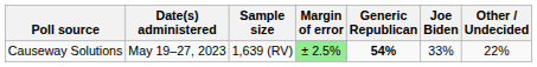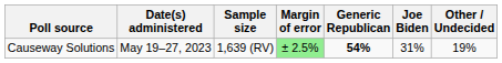 <table class="wikitable sortable mw-datatable" style="font-size:90%;text-align:center;line-height:17px">
 <tr valign=bottom>
 <th>Poll source</th>
 <th>Date(s)<br>administered</th>
 <th>Sample<br>size</th>
 <th>Margin<br>of error</th>
 <th class="unsortable">Generic<br>Republican</th>
 <th class="unsortable">Joe<br>Biden<br></th>
 <th class="unsortable">Other /<br>Undecided</th>
 </tr>
 <tr>
 <td style="text-align:left;">Causeway Solutions</td>
 <td>May 19–27, 2023</td>
 <td>1,639 (RV)</td>
 <td style="background: lightgreen;">± 2.5%</td>
 <td style="background-color:"><strong>54%</strong></td>
-<td>33%</td>
-<td>22%</td>
+<td>31%</td>
+<td>19%</td>
 </tr>
 </table>
